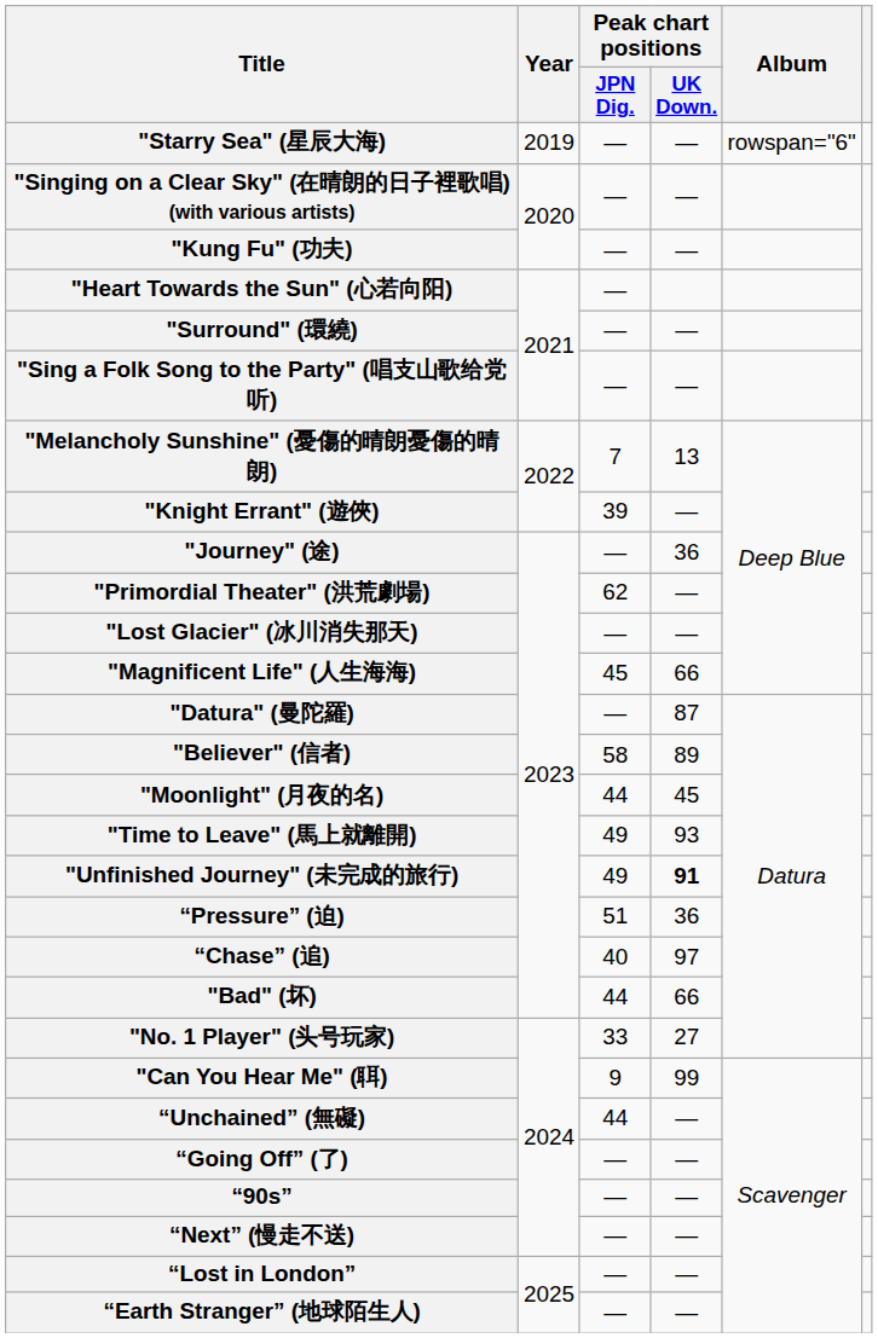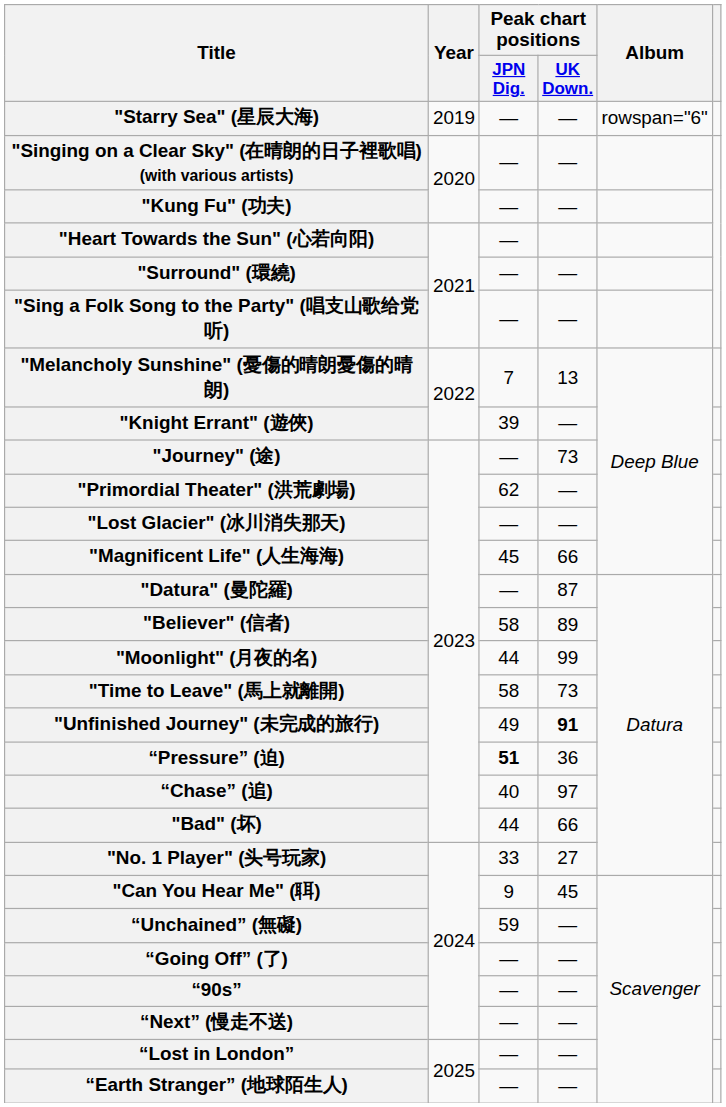 <table class="wikitable plainrowheaders" style="text-align:center;">
 <tr>
 <th rowspan="2" scope="col">Title</th>
 <th rowspan="2" scope="col">Year</th>
 <th colspan="2">Peak chart positions</th>
 <th rowspan="2" scope="col">Album</th>
 <th rowspan="2" scope="col" class="unsortable"></th>
 </tr>
 <tr>
 <th scope="col" style="width:3em;font-size:90%;"><a href='#'>JPN Dig.</a><br></th>
 <th scope="col" style="width:3em;font-size:90%;"><a href='#'>UK Down.</a><br></th>
 </tr>
 <tr>
 <th scope="row">"Starry Sea" (星辰大海)</th>
 <td>2019</td>
 <td>—</td>
 <td>—</td>
 <td>rowspan="6" </td>
 <td></td>
 </tr>
 <tr>
 <th scope="row">"Singing on a Clear Sky" (在晴朗的日子裡歌唱)<br><small>(with various artists)</small></th>
 <td rowspan="2">2020</td>
 <td>—</td>
 <td>—</td>
 <td></td>
 </tr>
 <tr>
 <th scope="row">"Kung Fu" (功夫)</th>
 <td>—</td>
 <td>—</td>
 <td></td>
 </tr>
 <tr>
 <th scope="row">"Heart Towards the Sun" (心若向阳)</th>
 <td rowspan="3">2021</td>
 <td>—</td>
 <td></td>
 <td></td>
 </tr>
 <tr>
 <th scope="row">"Surround" (環繞)</th>
 <td>—</td>
 <td>—</td>
 <td></td>
 </tr>
 <tr>
 <th scope="row">"Sing a Folk Song to the Party" (唱支山歌给党听)</th>
 <td>—</td>
 <td>—</td>
 <td></td>
 </tr>
 <tr>
 <th scope="row">"Melancholy Sunshine" (憂傷的晴朗憂傷的晴朗)</th>
 <td rowspan="2">2022</td>
 <td>7</td>
 <td>13</td>
 <td rowspan="6"><em>Deep Blue</em></td>
 <td></td>
 </tr>
 <tr>
 <th scope="row">"Knight Errant" (遊俠)</th>
 <td>39</td>
 <td>—</td>
 <td></td>
 </tr>
 <tr>
 <th scope="row">"Journey" (途)</th>
 <td rowspan="12">2023</td>
 <td>—</td>
-<td>36</td>
+<td>73</td>
 <td></td>
 </tr>
 <tr>
 <th scope="row">"Primordial Theater" (洪荒劇場)</th>
 <td>62</td>
 <td>—</td>
 <td></td>
 </tr>
 <tr>
 <th scope="row">"Lost Glacier" (冰川消失那天)</th>
 <td>—</td>
 <td>—</td>
 <td></td>
 </tr>
 <tr>
 <th scope="row">"Magnificent Life" (人生海海)</th>
 <td>45</td>
 <td>66</td>
 <td></td>
 </tr>
 <tr>
 <th scope="row">"Datura" (曼陀羅)</th>
 <td>—</td>
 <td>87</td>
 <td rowspan="9"><em>Datura</em></td>
 <td></td>
 </tr>
 <tr>
 <th scope="row">"Believer" (信者)</th>
 <td>58</td>
 <td>89</td>
 <td></td>
 </tr>
 <tr>
 <th scope="row">"Moonlight" (月夜的名)</th>
 <td>44</td>
-<td>45</td>
+<td>99</td>
 <td></td>
 </tr>
 <tr>
 <th scope="row">"Time to Leave" (馬上就離開)</th>
-<td>49</td>
-<td>93</td>
+<td>58</td>
+<td>73</td>
 <td></td>
 </tr>
 <tr>
 <th scope="row">"Unfinished Journey" (未完成的旅行)</th>
 <td>49</td>
 <td><strong>91</strong></td>
 <td></td>
 </tr>
 <tr>
 <th scope="row">“Pressure” (迫)</th>
-<td>51</td>
+<td><strong>51</strong></td>
 <td>36</td>
 <td></td>
 </tr>
 <tr>
 <th scope="row">“Chase” (追)</th>
 <td>40</td>
 <td>97</td>
 <td></td>
 </tr>
 <tr>
 <th scope="row">"Bad" (坏)</th>
 <td>44</td>
 <td>66</td>
 <td></td>
 </tr>
 <tr>
 <th scope="row">"No. 1 Player" (头号玩家)</th>
 <td rowspan="6">2024</td>
 <td>33</td>
 <td>27</td>
 <td></td>
 </tr>
 <tr>
 <th scope="row">"Can You Hear Me" (聑)</th>
 <td>9</td>
-<td>99</td>
+<td>45</td>
 <td rowspan="7"><em>Scavenger</em></td>
 <td></td>
 </tr>
 <tr>
 <th scope="row">“Unchained” (無礙)</th>
-<td>44</td>
+<td>59</td>
 <td>—</td>
 <td></td>
 </tr>
 <tr>
 <th scope="row">“Going Off” (了)</th>
 <td>—</td>
 <td>—</td>
 <td></td>
 </tr>
 <tr>
 <th scope="row">“90s”</th>
 <td>—</td>
 <td>—</td>
 <td></td>
 </tr>
 <tr>
 <th scope="row">“Next” (慢走不送)</th>
 <td>—</td>
 <td>—</td>
 <td></td>
 </tr>
 <tr>
 <th scope="row">“Lost in London”</th>
 <td rowspan="2">2025</td>
 <td>—</td>
 <td>—</td>
 <td></td>
 </tr>
 <tr>
 <th scope="row">“Earth Stranger” (地球陌生人)</th>
 <td>—</td>
 <td>—</td>
 <td></td>
 </tr>
 </table>
